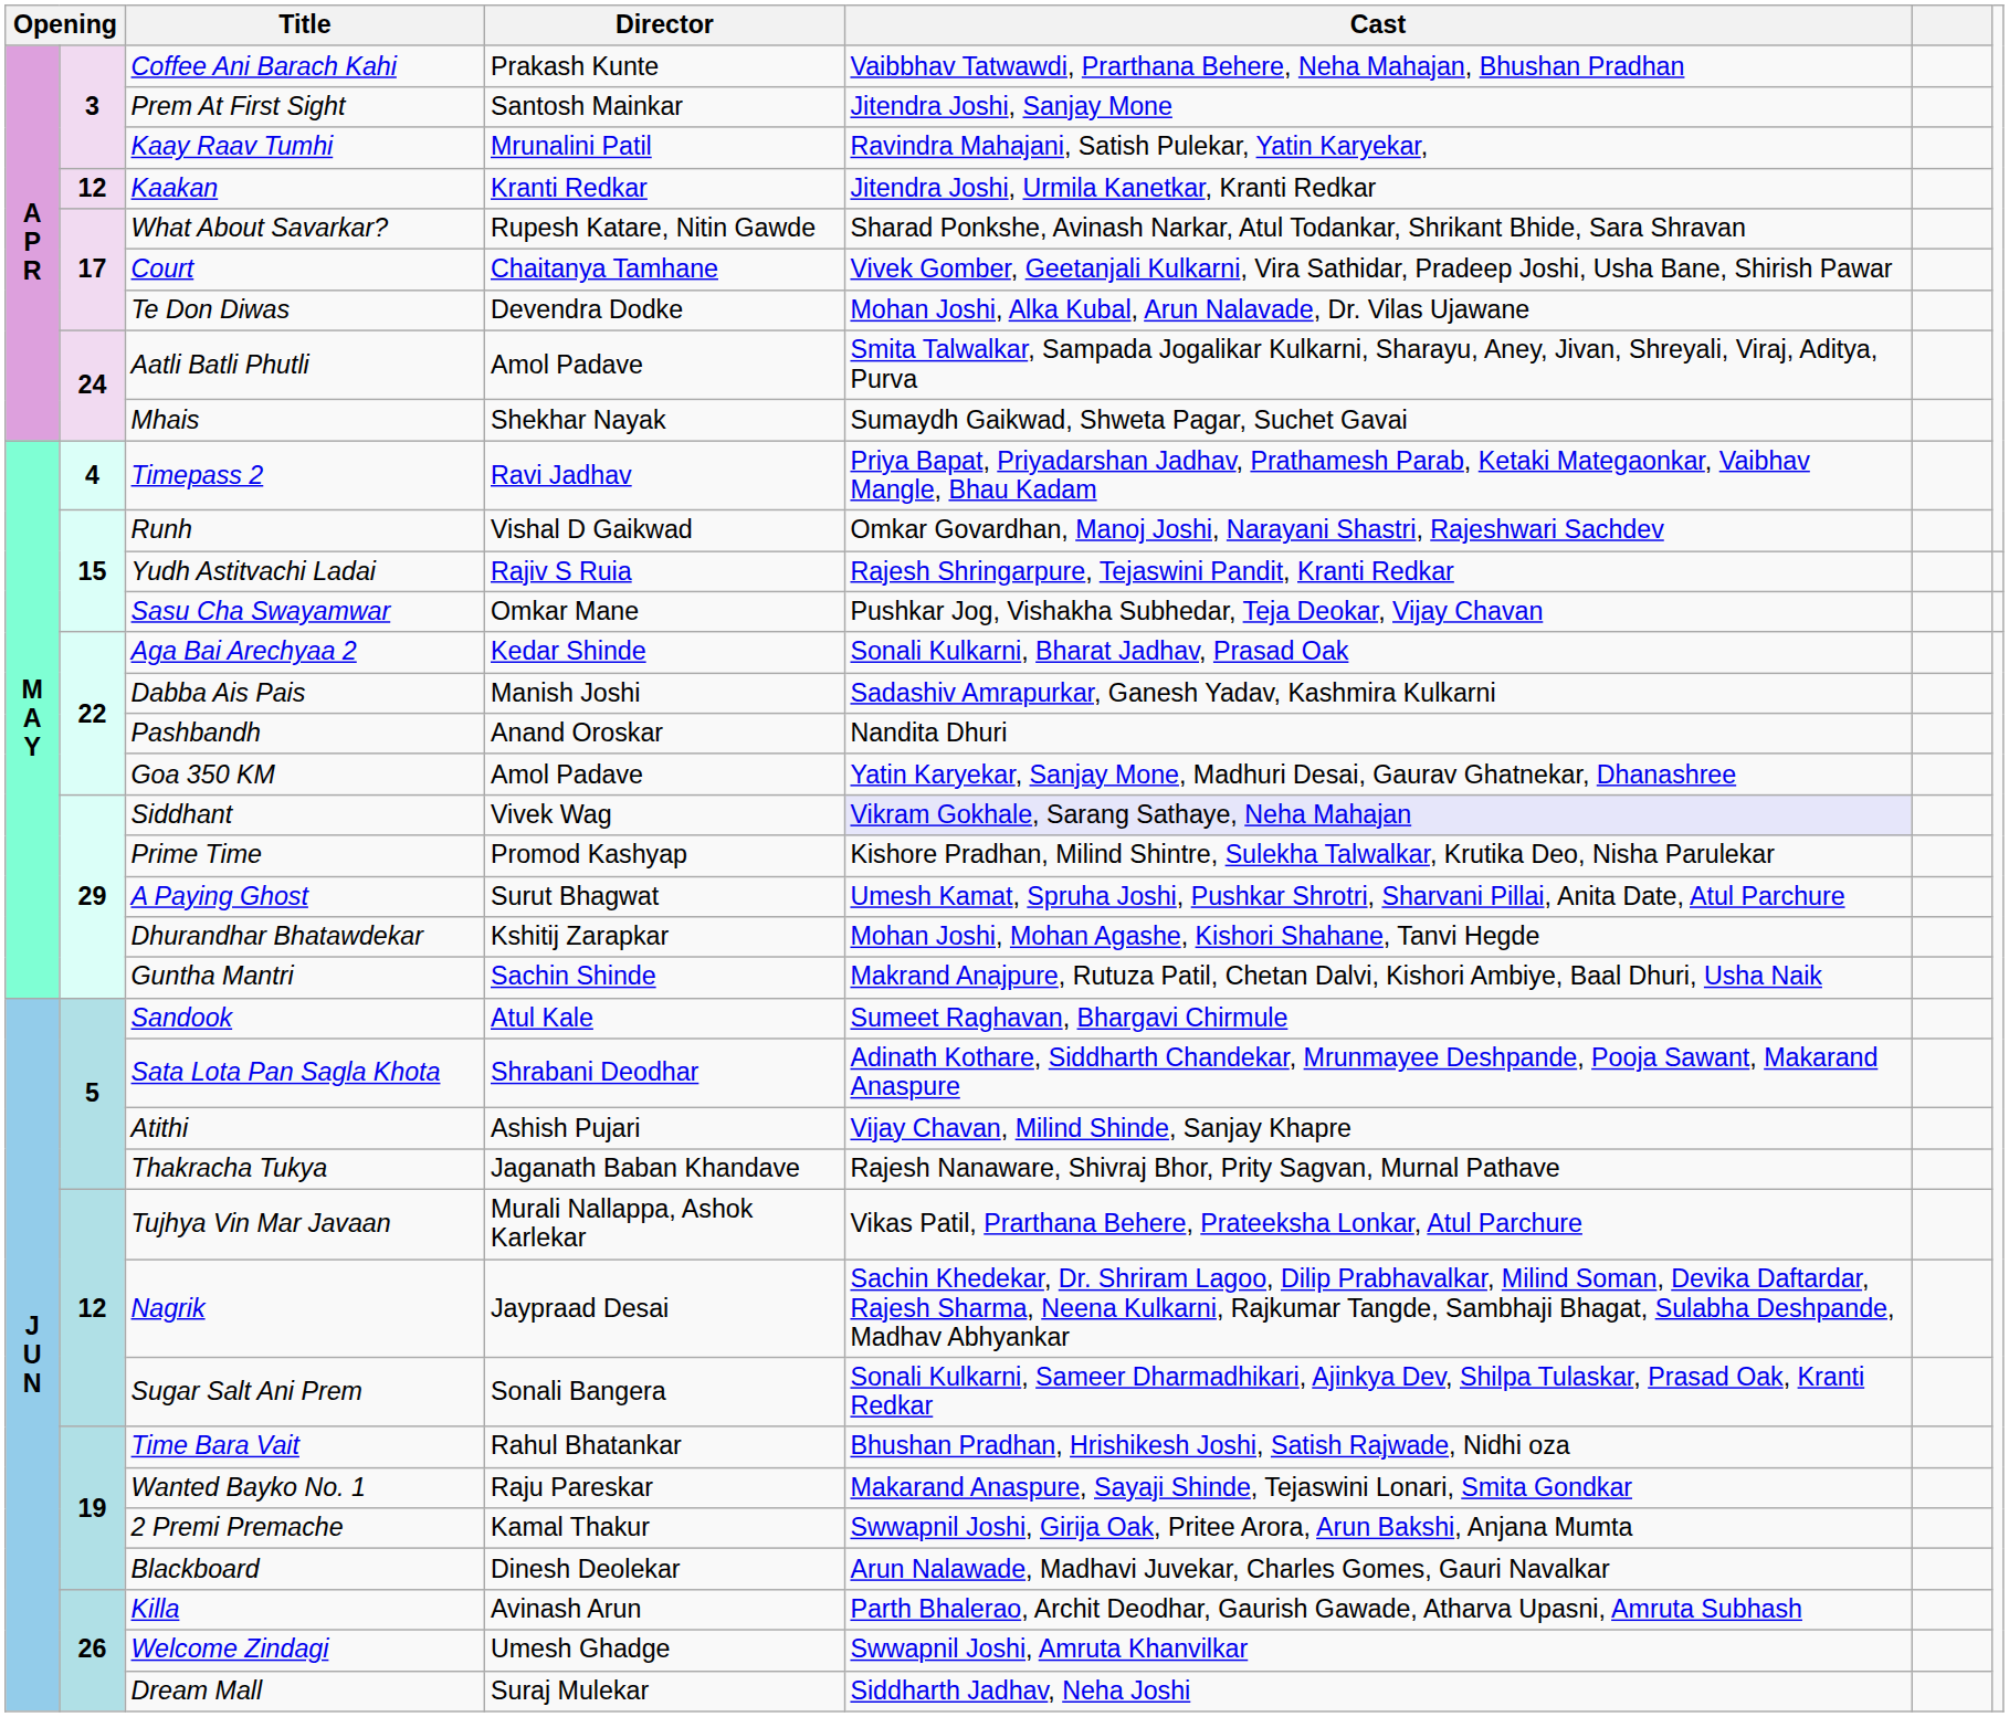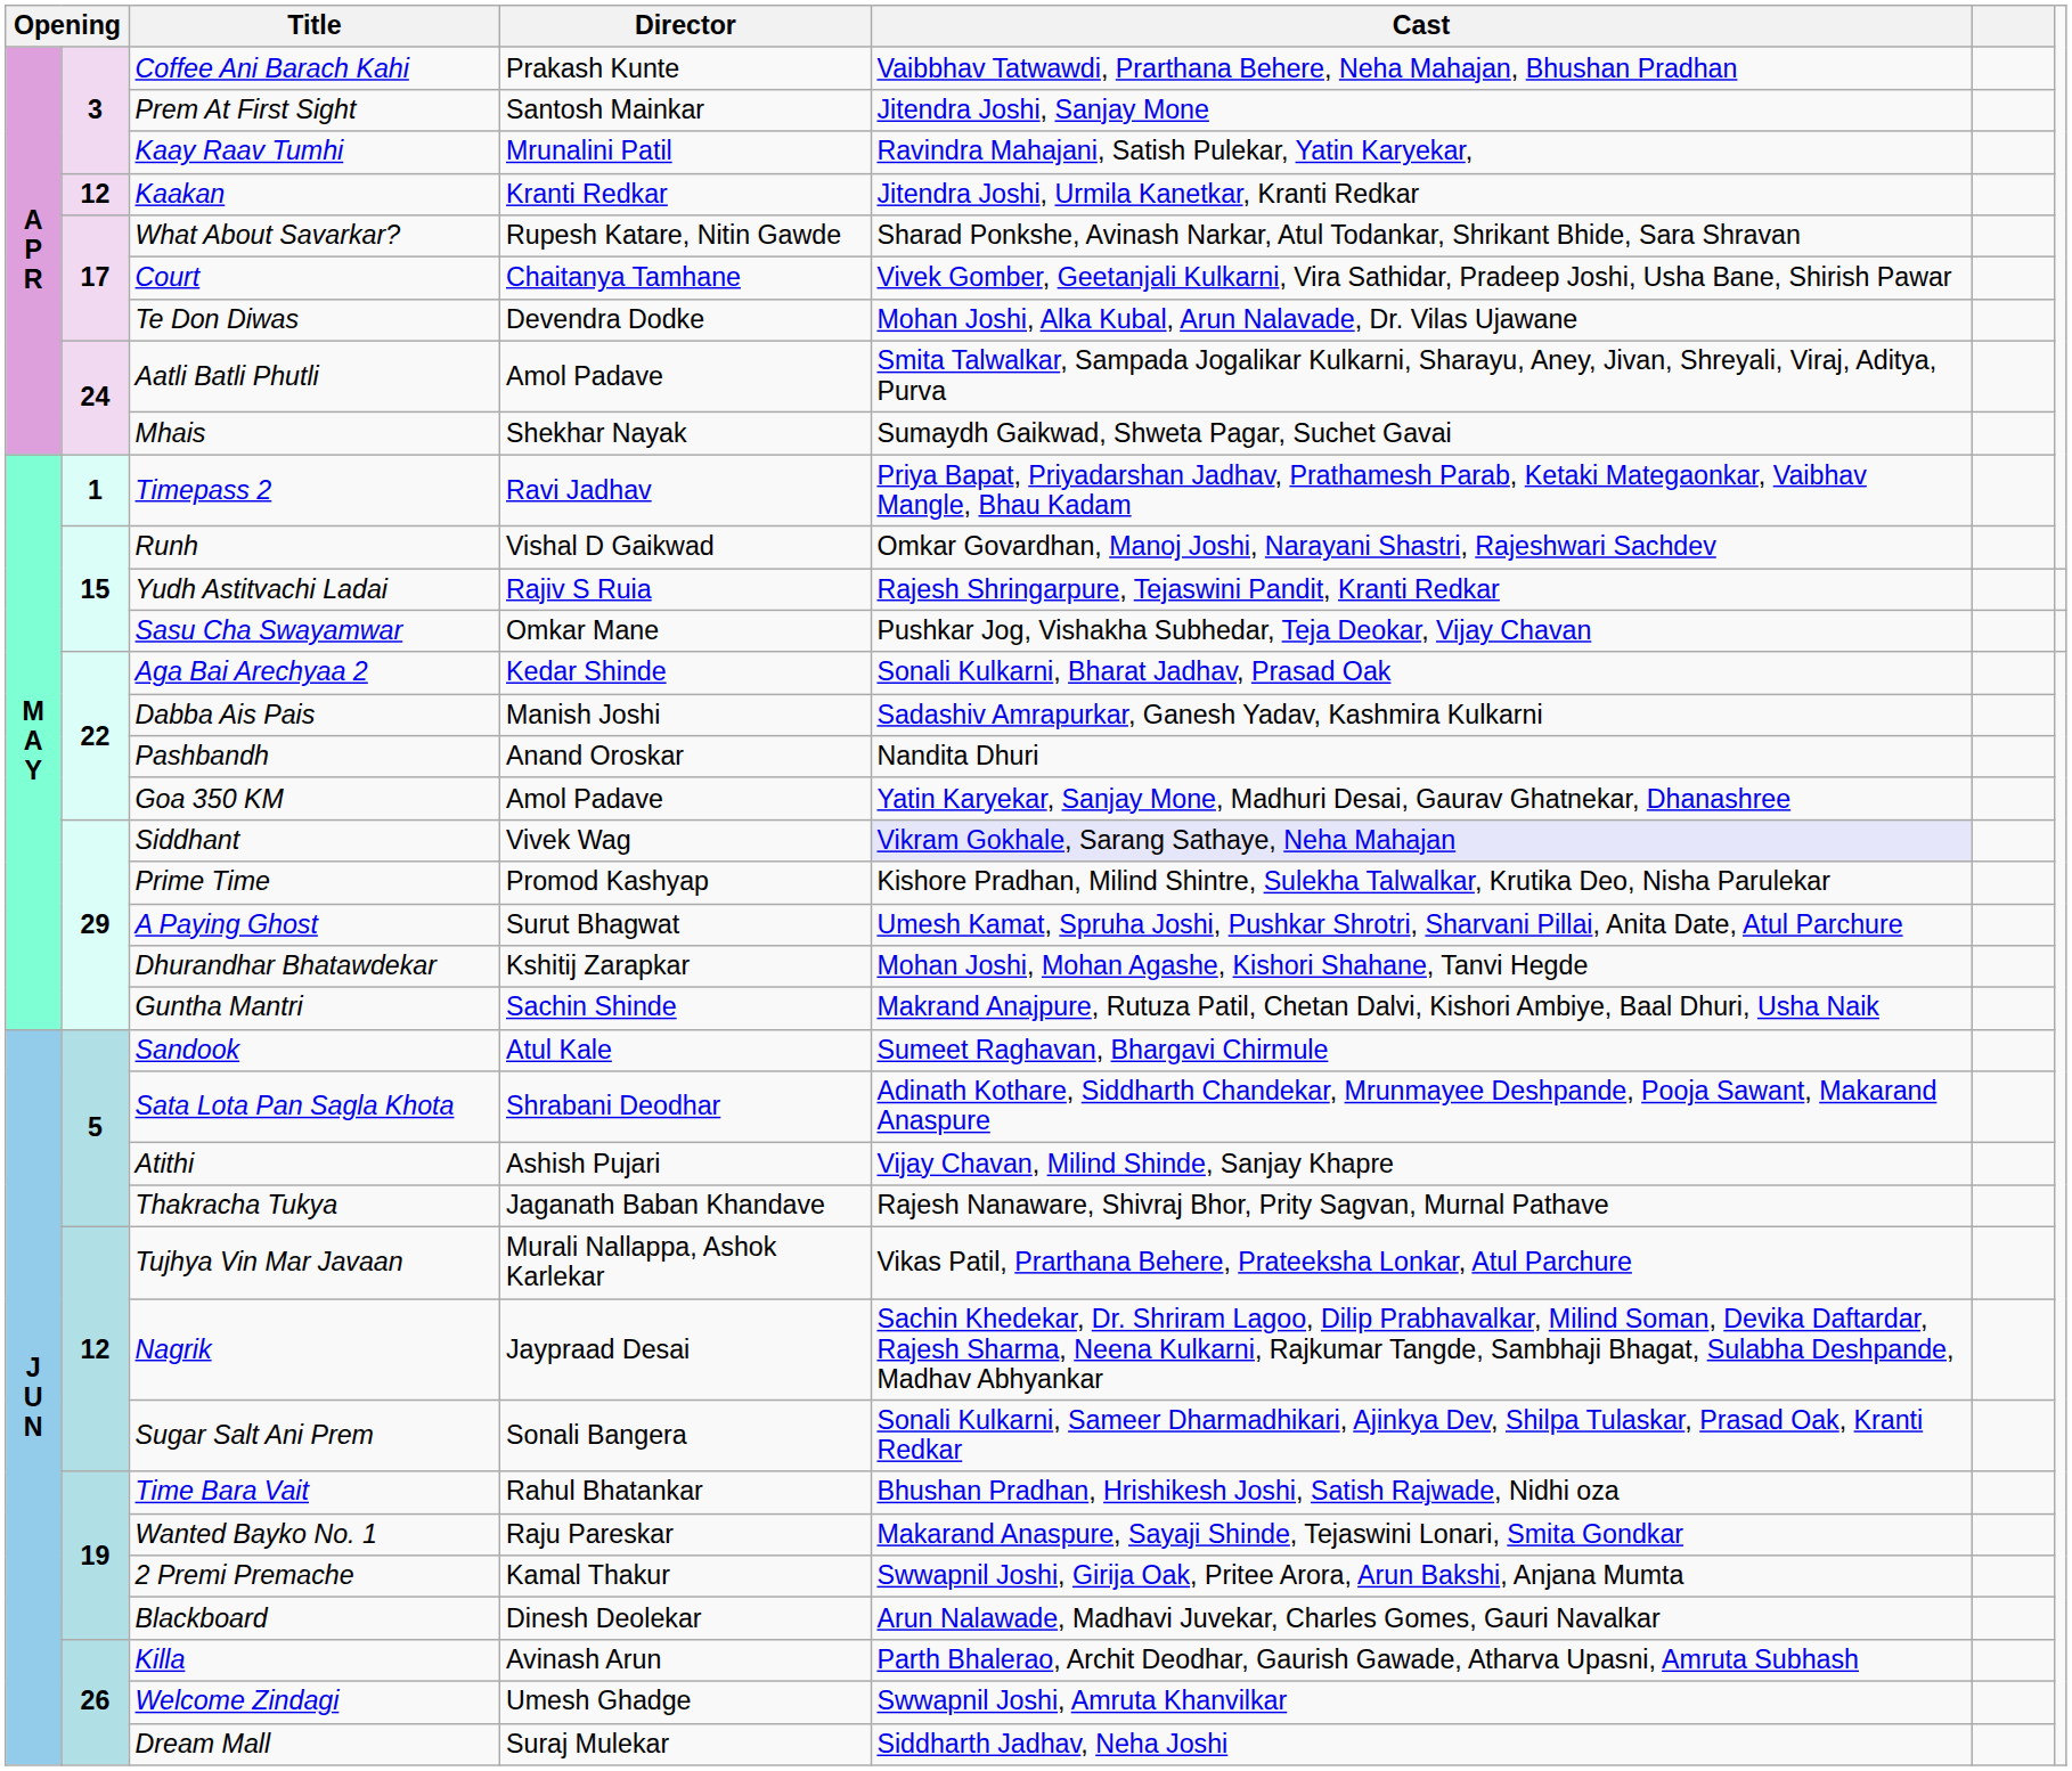 <table class="wikitable sortable">
 <tr>
 <th colspan="2" style="width:6%">Opening</th>
 <th style="width:18%">Title</th>
 <th style="width:18%">Director</th>
 <th>Cast</th>
 <th style="width:4%;"></th>
 </tr>
 <tr>
 <td rowspan="9" style="text-align:center; background:plum;"><strong>A<br>P<br>R</strong></td>
 <td rowspan="3" style="text-align:center;background:#f1daf1;"><strong>3</strong></td>
 <td><em><a href='#'>Coffee Ani Barach Kahi</a></em></td>
 <td>Prakash Kunte</td>
 <td><a href='#'>Vaibbhav Tatwawdi</a>, <a href='#'>Prarthana Behere</a>, <a href='#'>Neha Mahajan</a>, <a href='#'>Bhushan Pradhan</a></td>
 <td></td>
 </tr>
 <tr>
 <td><em>Prem At First Sight</em></td>
 <td>Santosh Mainkar</td>
 <td><a href='#'>Jitendra Joshi</a>, <a href='#'>Sanjay Mone</a></td>
 <td></td>
 </tr>
 <tr>
 <td><em><a href='#'>Kaay Raav Tumhi</a></em></td>
 <td><a href='#'>Mrunalini Patil</a></td>
 <td><a href='#'>Ravindra Mahajani</a>, Satish Pulekar, <a href='#'>Yatin Karyekar</a>,</td>
 <td></td>
 </tr>
 <tr>
 <td rowspan="1" style="text-align:center;background:#f1daf1;"><strong>12</strong></td>
 <td><em><a href='#'>Kaakan</a></em></td>
 <td><a href='#'>Kranti Redkar</a></td>
 <td><a href='#'>Jitendra Joshi</a>, <a href='#'>Urmila Kanetkar</a>, Kranti Redkar</td>
 <td></td>
 </tr>
 <tr>
 <td rowspan="3" style="text-align:center;background:#f1daf1;"><strong>17</strong></td>
 <td><em>What About Savarkar?</em></td>
 <td>Rupesh Katare, Nitin Gawde</td>
 <td>Sharad Ponkshe, Avinash Narkar, Atul Todankar, Shrikant Bhide, Sara Shravan</td>
 <td></td>
 </tr>
 <tr>
 <td><em><a href='#'>Court</a></em></td>
 <td><a href='#'>Chaitanya Tamhane</a></td>
 <td><a href='#'>Vivek Gomber</a>, <a href='#'>Geetanjali Kulkarni</a>, Vira Sathidar, Pradeep Joshi, Usha Bane, Shirish Pawar</td>
 <td></td>
 </tr>
 <tr>
 <td><em>Te Don Diwas</em></td>
 <td>Devendra Dodke</td>
 <td><a href='#'>Mohan Joshi</a>, <a href='#'>Alka Kubal</a>, <a href='#'>Arun Nalavade</a>, Dr. Vilas Ujawane</td>
 <td></td>
 </tr>
 <tr>
 <td rowspan="2" style="text-align:center;background:#f1daf1;"><strong>24</strong></td>
 <td><em>Aatli Batli Phutli</em></td>
 <td>Amol Padave</td>
 <td><a href='#'>Smita Talwalkar</a>, Sampada Jogalikar Kulkarni, Sharayu, Aney, Jivan, Shreyali, Viraj, Aditya, Purva</td>
 <td></td>
 </tr>
 <tr>
 <td><em>Mhais</em></td>
 <td>Shekhar Nayak</td>
 <td>Sumaydh Gaikwad, Shweta Pagar, Suchet Gavai</td>
 <td></td>
 </tr>
 <tr>
 <td rowspan="13" style="text-align:center; background:#7FFFD4; textcolor:#000;"><strong>M<br>A<br>Y</strong></td>
-<td rowspan="1" style="text-align:center;background:#dbfff8;"><strong>4</strong></td>
+<td rowspan="1" style="text-align:center;background:#dbfff8;"><strong>1</strong></td>
 <td><em><a href='#'>Timepass 2</a></em></td>
 <td><a href='#'>Ravi Jadhav</a></td>
 <td><a href='#'>Priya Bapat</a>, <a href='#'>Priyadarshan Jadhav</a>, <a href='#'>Prathamesh Parab</a>, <a href='#'>Ketaki Mategaonkar</a>, <a href='#'>Vaibhav Mangle</a>, <a href='#'>Bhau Kadam</a></td>
 <td></td>
 </tr>
 <tr>
 <td rowspan="3" style="text-align:center;background:#dbfff8;"><strong>15</strong></td>
 <td><em>Runh</em></td>
 <td>Vishal D Gaikwad</td>
 <td>Omkar Govardhan, <a href='#'>Manoj Joshi</a>, <a href='#'>Narayani Shastri</a>, <a href='#'>Rajeshwari Sachdev</a></td>
 <td></td>
 </tr>
 <tr>
 <td><em>Yudh Astitvachi Ladai</em></td>
 <td><a href='#'>Rajiv S Ruia</a></td>
 <td><a href='#'>Rajesh Shringarpure</a>, <a href='#'>Tejaswini Pandit</a>, <a href='#'>Kranti Redkar</a></td>
 <td></td>
 <td></td>
 </tr>
 <tr>
 <td><em><a href='#'>Sasu Cha Swayamwar</a></em></td>
 <td>Omkar Mane</td>
 <td>Pushkar Jog, Vishakha Subhedar, <a href='#'>Teja Deokar</a>, <a href='#'>Vijay Chavan</a></td>
 <td></td>
 <td></td>
 </tr>
 <tr>
 <td rowspan="4" style="text-align:center;background:#dbfff8;"><strong>22</strong></td>
 <td><em><a href='#'>Aga Bai Arechyaa 2</a></em></td>
 <td><a href='#'>Kedar Shinde</a></td>
 <td><a href='#'>Sonali Kulkarni</a>, <a href='#'>Bharat Jadhav</a>, <a href='#'>Prasad Oak</a></td>
 <td></td>
 </tr>
 <tr>
 <td><em>Dabba Ais Pais</em></td>
 <td>Manish Joshi</td>
 <td><a href='#'>Sadashiv Amrapurkar</a>, Ganesh Yadav, Kashmira Kulkarni</td>
 <td></td>
 </tr>
 <tr>
 <td><em>Pashbandh</em></td>
 <td>Anand Oroskar</td>
 <td>Nandita Dhuri</td>
 <td></td>
 </tr>
 <tr>
 <td><em>Goa 350 KM</em></td>
 <td>Amol Padave</td>
 <td><a href='#'>Yatin Karyekar</a>, <a href='#'>Sanjay Mone</a>, Madhuri Desai, Gaurav Ghatnekar, <a href='#'>Dhanashree</a></td>
 <td></td>
 </tr>
 <tr>
 <td rowspan="5" style="text-align:center;background:#dbfff8;"><strong>29</strong></td>
 <td><em>Siddhant</em></td>
 <td>Vivek Wag</td>
 <td style="background: lavender;"><a href='#'>Vikram Gokhale</a>, Sarang Sathaye, <a href='#'>Neha Mahajan</a></td>
 <td></td>
 </tr>
 <tr>
 <td><em>Prime Time</em></td>
 <td>Promod Kashyap</td>
 <td>Kishore Pradhan, Milind Shintre, <a href='#'>Sulekha Talwalkar</a>, Krutika Deo, Nisha Parulekar</td>
 <td></td>
 </tr>
 <tr>
 <td><em><a href='#'>A Paying Ghost</a></em></td>
 <td>Surut Bhagwat</td>
 <td><a href='#'>Umesh Kamat</a>, <a href='#'>Spruha Joshi</a>, <a href='#'>Pushkar Shrotri</a>, <a href='#'>Sharvani Pillai</a>, Anita Date, <a href='#'>Atul Parchure</a></td>
 <td></td>
 </tr>
 <tr>
 <td><em>Dhurandhar Bhatawdekar</em></td>
 <td>Kshitij Zarapkar</td>
 <td><a href='#'>Mohan Joshi</a>, <a href='#'>Mohan Agashe</a>, <a href='#'>Kishori Shahane</a>, Tanvi Hegde</td>
 <td></td>
 </tr>
 <tr>
 <td><em>Guntha Mantri</em></td>
 <td><a href='#'>Sachin Shinde</a></td>
 <td><a href='#'>Makrand Anajpure</a>, Rutuza Patil, Chetan Dalvi, Kishori Ambiye, Baal Dhuri, <a href='#'>Usha Naik</a></td>
 <td></td>
 </tr>
 <tr>
 <td rowspan="14" style="text-align:center; background:#93CCEA; textcolor:#000;"><strong>J<br>U<br>N</strong></td>
 <td rowspan="4"  style="text-align:center;background:#B0E0E6;"><strong>5</strong></td>
 <td><em><a href='#'>Sandook</a></em></td>
 <td><a href='#'>Atul Kale</a></td>
 <td><a href='#'>Sumeet Raghavan</a>, <a href='#'>Bhargavi Chirmule</a></td>
 <td></td>
 </tr>
 <tr>
 <td><em><a href='#'>Sata Lota Pan Sagla Khota</a></em></td>
 <td><a href='#'>Shrabani Deodhar</a></td>
 <td><a href='#'>Adinath Kothare</a>, <a href='#'>Siddharth Chandekar</a>, <a href='#'>Mrunmayee Deshpande</a>, <a href='#'>Pooja Sawant</a>, <a href='#'>Makarand Anaspure</a></td>
 <td></td>
 </tr>
 <tr>
 <td><em>Atithi</em></td>
 <td>Ashish Pujari</td>
 <td><a href='#'>Vijay Chavan</a>, <a href='#'>Milind Shinde</a>, Sanjay Khapre</td>
 <td></td>
 </tr>
 <tr>
 <td><em>Thakracha Tukya</em></td>
 <td>Jaganath Baban Khandave</td>
 <td>Rajesh Nanaware, Shivraj Bhor, Prity Sagvan, Murnal Pathave</td>
 <td></td>
 </tr>
 <tr>
 <td rowspan="3"  style="text-align:center;background:#B0E0E6;"><strong>12</strong></td>
 <td><em>Tujhya Vin Mar Javaan</em></td>
 <td>Murali Nallappa, Ashok Karlekar</td>
 <td>Vikas Patil, <a href='#'>Prarthana Behere</a>, <a href='#'>Prateeksha Lonkar</a>, <a href='#'>Atul Parchure</a></td>
 <td></td>
 </tr>
 <tr>
 <td><em><a href='#'>Nagrik</a></em></td>
 <td>Jaypraad Desai</td>
 <td><a href='#'>Sachin Khedekar</a>, <a href='#'>Dr. Shriram Lagoo</a>, <a href='#'>Dilip Prabhavalkar</a>, <a href='#'>Milind Soman</a>, <a href='#'>Devika Daftardar</a>, <a href='#'>Rajesh Sharma</a>, <a href='#'>Neena Kulkarni</a>, Rajkumar Tangde, Sambhaji Bhagat, <a href='#'>Sulabha Deshpande</a>, Madhav Abhyankar</td>
 <td></td>
 </tr>
 <tr>
 <td><em>Sugar Salt Ani Prem</em></td>
 <td>Sonali Bangera</td>
 <td><a href='#'>Sonali Kulkarni</a>, <a href='#'>Sameer Dharmadhikari</a>, <a href='#'>Ajinkya Dev</a>, <a href='#'>Shilpa Tulaskar</a>, <a href='#'>Prasad Oak</a>, <a href='#'>Kranti Redkar</a></td>
 <td></td>
 </tr>
 <tr>
 <td rowspan="4"  style="text-align:center;background:#B0E0E6;"><strong>19</strong></td>
 <td><em><a href='#'>Time Bara Vait</a></em></td>
 <td>Rahul Bhatankar</td>
 <td><a href='#'>Bhushan Pradhan</a>, <a href='#'>Hrishikesh Joshi</a>, <a href='#'>Satish Rajwade</a>, Nidhi oza</td>
 <td></td>
 </tr>
 <tr>
 <td><em>Wanted Bayko No. 1</em></td>
 <td>Raju Pareskar</td>
 <td><a href='#'>Makarand Anaspure</a>, <a href='#'>Sayaji Shinde</a>, Tejaswini Lonari, <a href='#'>Smita Gondkar</a></td>
 <td></td>
 </tr>
 <tr>
 <td><em>2 Premi Premache</em></td>
 <td>Kamal Thakur</td>
 <td><a href='#'>Swwapnil Joshi</a>, <a href='#'>Girija Oak</a>, Pritee Arora, <a href='#'>Arun Bakshi</a>, Anjana Mumta</td>
 <td></td>
 </tr>
 <tr>
 <td><em>Blackboard</em></td>
 <td>Dinesh Deolekar</td>
 <td><a href='#'>Arun Nalawade</a>, Madhavi Juvekar, Charles Gomes, Gauri Navalkar</td>
 <td></td>
 </tr>
 <tr>
 <td rowspan="3"  style="text-align:center;background:#B0E0E6;"><strong>26</strong></td>
 <td><em><a href='#'>Killa</a></em></td>
 <td>Avinash Arun</td>
 <td><a href='#'>Parth Bhalerao</a>, Archit Deodhar, Gaurish Gawade, Atharva Upasni, <a href='#'>Amruta Subhash</a></td>
 <td></td>
 </tr>
 <tr>
 <td><em><a href='#'>Welcome Zindagi</a></em></td>
 <td>Umesh Ghadge</td>
 <td><a href='#'>Swwapnil Joshi</a>, <a href='#'>Amruta Khanvilkar</a></td>
 <td></td>
 </tr>
 <tr>
 <td><em>Dream Mall</em></td>
 <td>Suraj Mulekar</td>
 <td><a href='#'>Siddharth Jadhav</a>, <a href='#'>Neha Joshi</a></td>
 <td></td>
 </tr>
 </table>
